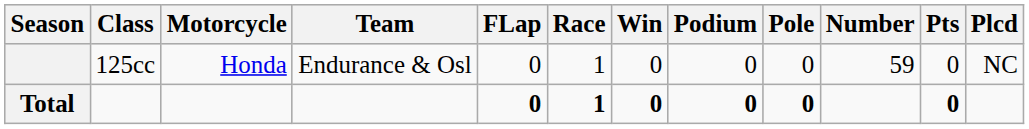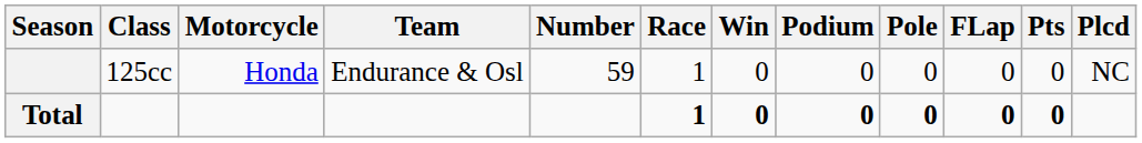 <table class="wikitable" style=text-align:right>
 <tr>
 <th>Season</th>
 <th>Class</th>
 <th>Motorcycle</th>
 <th>Team</th>
-<th>FLap</th>
+<th>Number</th>
 <th>Race</th>
 <th>Win</th>
 <th>Podium</th>
 <th>Pole</th>
-<th>Number</th>
+<th>FLap</th>
 <th>Pts</th>
 <th>Plcd</th>
 </tr>
 <tr>
 <th></th>
 <td>125cc</td>
 <td><a href='#'>Honda</a></td>
 <td>Endurance & Osl</td>
-<td>0</td>
+<td>59</td>
 <td>1</td>
 <td>0</td>
 <td>0</td>
 <td>0</td>
-<td>59</td>
+<td>0</td>
 <td>0</td>
 <td>NC</td>
 </tr>
 <tr>
 <th>Total</th>
 <td></td>
 <td></td>
 <td></td>
-<td><strong>0</strong></td>
+<td></td>
 <td><strong>1</strong></td>
 <td><strong>0</strong></td>
 <td><strong>0</strong></td>
 <td><strong>0</strong></td>
-<td></td>
+<td><strong>0</strong></td>
 <td><strong>0</strong></td>
 <td></td>
 </tr>
 </table>
